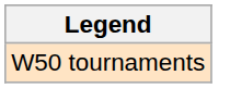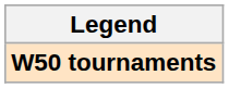 <table class="wikitable" style=font-size:85%>
 <tr>
 <th>Legend</th>
 </tr>
 <tr style="background:#ffe4c4;">
-<td>W50 tournaments</td>
+<td><strong>W50 tournaments</strong></td>
 </tr>
 </table>
